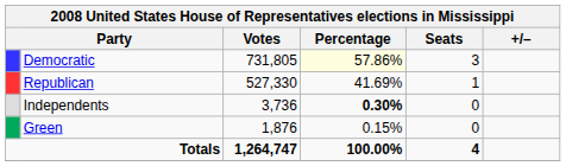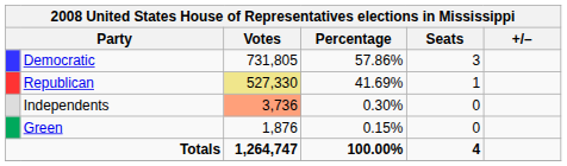 <table class="wikitable" style="font-size: 95%;">
 <tr>
 <th colspan="6">2008 United States House of Representatives elections in Mississippi</th>
 </tr>
 <tr>
 <th colspan=2 style="width: 15em">Party</th>
 <th style="width: 5em">Votes</th>
 <th style="width: 7em">Percentage</th>
 <th style="width: 5em">Seats</th>
 <th style="width: 5em">+/–</th>
 </tr>
 <tr>
 <th style="background-color:#3333FF; width: 3px"></th>
 <td style="width: 130px"><a href='#'>Democratic</a></td>
 <td align="right">731,805</td>
-<td align="right" style="background: lightyellow;">57.86%</td>
+<td align="right">57.86%</td>
 <td align="right">3</td>
 <td align="right"></td>
 </tr>
 <tr>
 <th style="background-color:#FF3333; width: 3px"></th>
 <td style="width: 130px"><a href='#'>Republican</a></td>
-<td align="right">527,330</td>
+<td align="right" style="background: khaki;">527,330</td>
 <td align="right">41.69%</td>
 <td align="right">1</td>
 <td align="right"></td>
 </tr>
 <tr>
 <th style="background-color:#DDDDDD; width: 3px"></th>
 <td style="width: 130px">Independents</td>
-<td align="right">3,736</td>
-<td align="right"><strong>0.30%</strong></td>
+<td align="right" style="background: lightsalmon;">3,736</td>
+<td align="right">0.30%</td>
 <td align="right">0</td>
 <td align="right"></td>
 </tr>
 <tr>
 <th style="background-color:#00A95C; width: 3px"></th>
 <td style="width: 130px"><a href='#'>Green</a></td>
 <td align="right">1,876</td>
 <td align="right">0.15%</td>
 <td align="right">0</td>
 <td align="right"></td>
 </tr>
 <tr>
 <td colspan="2" align="right"><strong>Totals</strong></td>
 <td align="right"><strong>1,264,747</strong></td>
 <td align="right"><strong>100.00%</strong></td>
 <td align="right"><strong>4</strong></td>
 <td align="right"><strong></strong></td>
 </tr>
 <tr bgcolor="#EEEEEE">
 </tr>
 </table>
